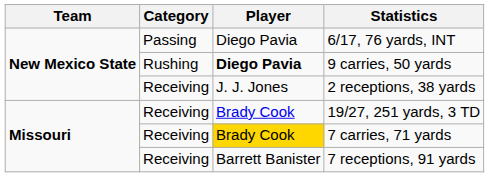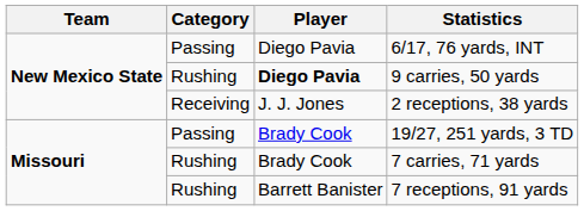 <table class="wikitable" style="float: right;">
 <tr>
 <th>Team</th>
 <th>Category</th>
 <th>Player</th>
 <th>Statistics</th>
 </tr>
 <tr>
 <td rowspan=3><strong>New Mexico State</strong></td>
 <td>Passing</td>
 <td>Diego Pavia</td>
 <td>6/17, 76 yards, INT</td>
 </tr>
 <tr>
 <td>Rushing</td>
 <td><strong>Diego Pavia</strong></td>
 <td>9 carries, 50 yards</td>
 </tr>
 <tr>
 <td>Receiving</td>
 <td>J. J. Jones</td>
 <td>2 receptions, 38 yards</td>
 </tr>
 <tr>
 <td rowspan=3><strong>Missouri</strong></td>
-<td>Receiving</td>
+<td>Passing</td>
 <td><a href='#'>Brady Cook</a></td>
 <td>19/27, 251 yards, 3 TD</td>
 </tr>
 <tr>
-<td>Receiving</td>
-<td style="background: gold;">Brady Cook</td>
+<td>Rushing</td>
+<td>Brady Cook</td>
 <td>7 carries, 71 yards</td>
 </tr>
 <tr>
-<td>Receiving</td>
+<td>Rushing</td>
 <td>Barrett Banister</td>
 <td>7 receptions, 91 yards</td>
 </tr>
 </table>
